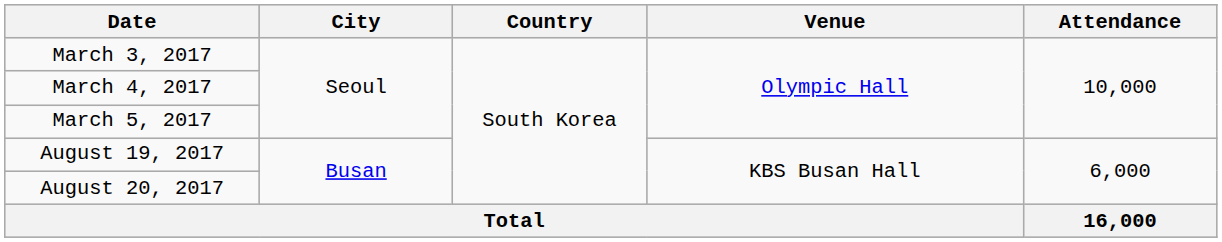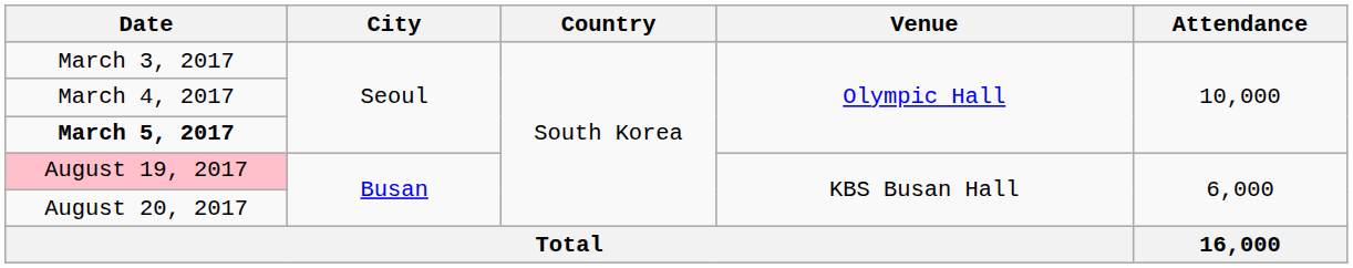 <table class="wikitable" style="text-align:center;">
 <tr>
 <th scope="col" style="width:12em;">Date</th>
 <th scope="col" style="width:9em;">City</th>
 <th scope="col" style="width:9em;">Country</th>
 <th scope="col" style="width:18em;">Venue</th>
 <th scope="col" style="width:9em;">Attendance</th>
 </tr>
 <tr>
 <td>March 3, 2017</td>
 <td rowspan="3">Seoul</td>
 <td rowspan="5">South Korea</td>
 <td rowspan="3"><a href='#'>Olympic Hall</a></td>
 <td rowspan="3">10,000</td>
 </tr>
 <tr>
 <td>March 4, 2017</td>
 </tr>
 <tr>
-<td>March 5, 2017</td>
+<td><strong>March 5, 2017</strong></td>
 </tr>
 <tr>
-<td>August 19, 2017</td>
+<td style="background: pink;">August 19, 2017</td>
 <td rowspan="2"><a href='#'>Busan</a></td>
 <td rowspan="2">KBS Busan Hall</td>
 <td rowspan="2">6,000</td>
 </tr>
 <tr>
 <td>August 20, 2017</td>
 </tr>
 <tr>
 <th colspan="4"><strong>Total</strong></th>
 <th><strong>16,000</strong></th>
 </tr>
 </table>
